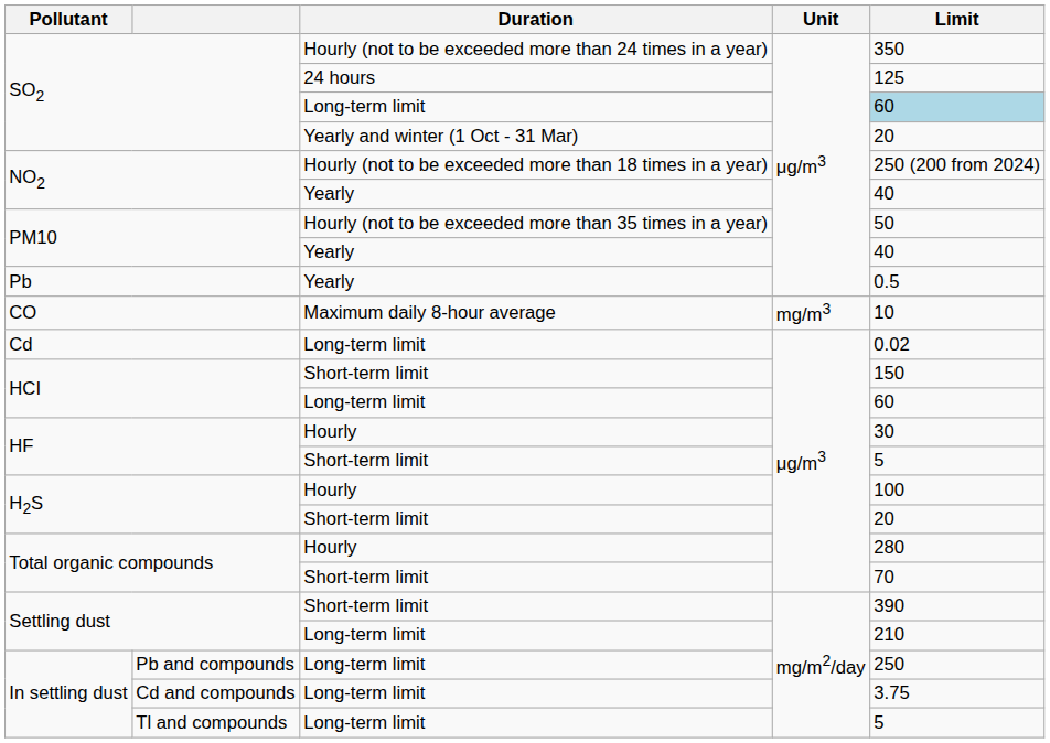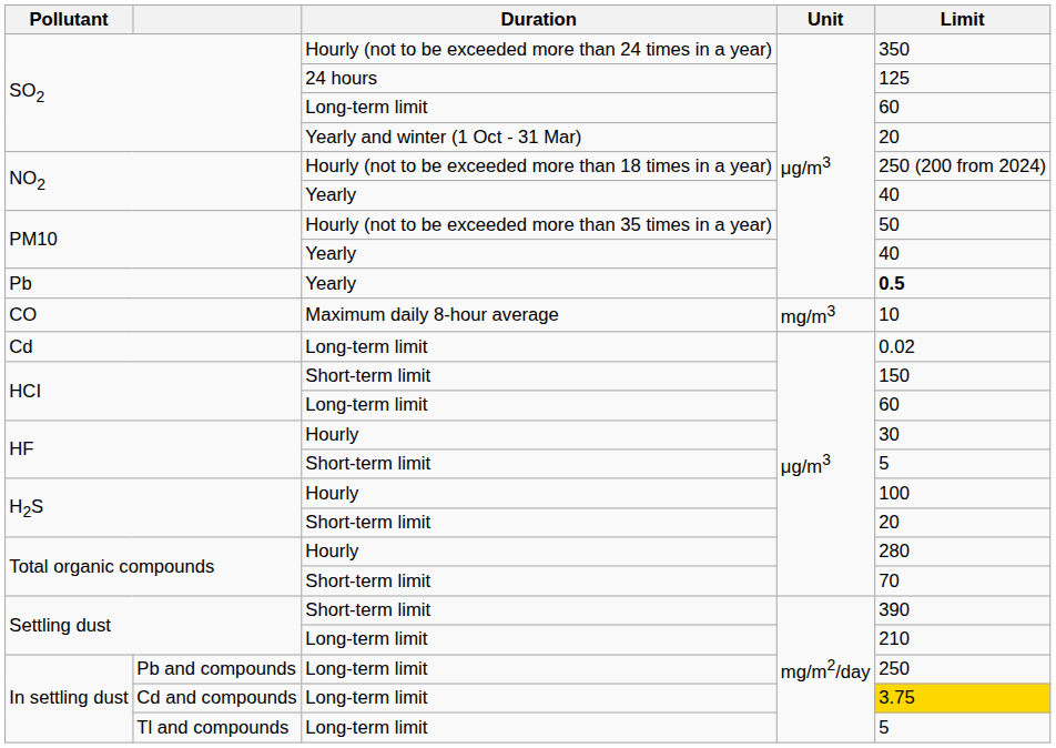 <table class="wikitable">
 <tr>
 <th>Pollutant</th>
 <th></th>
 <th>Duration</th>
 <th>Unit</th>
 <th>Limit</th>
 </tr>
 <tr>
 <td colspan="2" rowspan="4">SO<sub>2</sub></td>
 <td>Hourly (not to be exceeded more than 24 times in a year)</td>
 <td rowspan="9">μg/m<sup>3</sup></td>
 <td>350</td>
 </tr>
 <tr>
 <td>24 hours</td>
 <td>125</td>
 </tr>
 <tr>
 <td>Long-term limit</td>
-<td style="background: lightblue;">60</td>
+<td>60</td>
 </tr>
 <tr>
 <td>Yearly and winter (1 Oct - 31 Mar)</td>
 <td>20</td>
 </tr>
 <tr>
 <td colspan="2" rowspan="2">NO<sub>2</sub></td>
 <td>Hourly (not to be exceeded more than 18 times in a year)</td>
 <td>250 (200 from 2024)</td>
 </tr>
 <tr>
 <td>Yearly</td>
 <td>40</td>
 </tr>
 <tr>
 <td colspan="2" rowspan="2">PM10</td>
 <td>Hourly (not to be exceeded more than 35 times in a year)</td>
 <td>50</td>
 </tr>
 <tr>
 <td>Yearly</td>
 <td>40</td>
 </tr>
 <tr>
 <td colspan="2">Pb</td>
 <td>Yearly</td>
-<td>0.5</td>
+<td><strong>0.5</strong></td>
 </tr>
 <tr>
 <td colspan="2">CO</td>
 <td>Maximum daily 8-hour average</td>
 <td>mg/m<sup>3</sup></td>
 <td>10</td>
 </tr>
 <tr>
 <td colspan="2">Cd</td>
 <td>Long-term limit</td>
 <td rowspan="9">μg/m<sup>3</sup></td>
 <td>0.02</td>
 </tr>
 <tr>
 <td colspan="2" rowspan="2">HCI</td>
 <td>Short-term limit</td>
 <td>150</td>
 </tr>
 <tr>
 <td>Long-term limit</td>
 <td>60</td>
 </tr>
 <tr>
 <td colspan="2" rowspan="2">HF</td>
 <td>Hourly</td>
 <td>30</td>
 </tr>
 <tr>
 <td>Short-term limit</td>
 <td>5</td>
 </tr>
 <tr>
 <td colspan="2" rowspan="2">H<sub>2</sub>S</td>
 <td>Hourly</td>
 <td>100</td>
 </tr>
 <tr>
 <td>Short-term limit</td>
 <td>20</td>
 </tr>
 <tr>
 <td colspan="2" rowspan="2">Total organic compounds</td>
 <td>Hourly</td>
 <td>280</td>
 </tr>
 <tr>
 <td>Short-term limit</td>
 <td>70</td>
 </tr>
 <tr>
 <td colspan="2" rowspan="2">Settling dust</td>
 <td>Short-term limit</td>
 <td rowspan="5">mg/m<sup>2</sup>/day</td>
 <td>390</td>
 </tr>
 <tr>
 <td>Long-term limit</td>
 <td>210</td>
 </tr>
 <tr>
 <td rowspan="3">In settling dust</td>
 <td>Pb and compounds</td>
 <td>Long-term limit</td>
 <td>250</td>
 </tr>
 <tr>
 <td>Cd and compounds</td>
 <td>Long-term limit</td>
-<td>3.75</td>
+<td style="background: gold;">3.75</td>
 </tr>
 <tr>
 <td>Tl and compounds</td>
 <td>Long-term limit</td>
 <td>5</td>
 </tr>
 </table>
